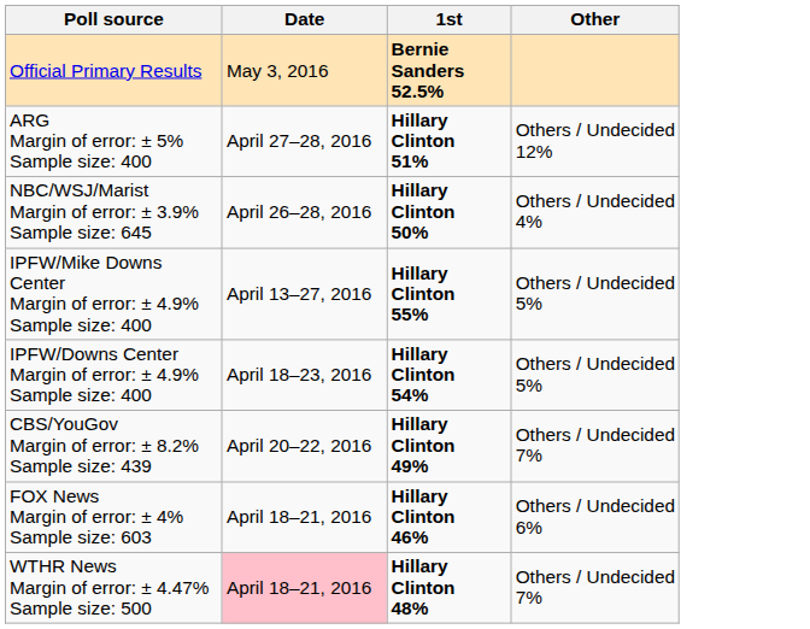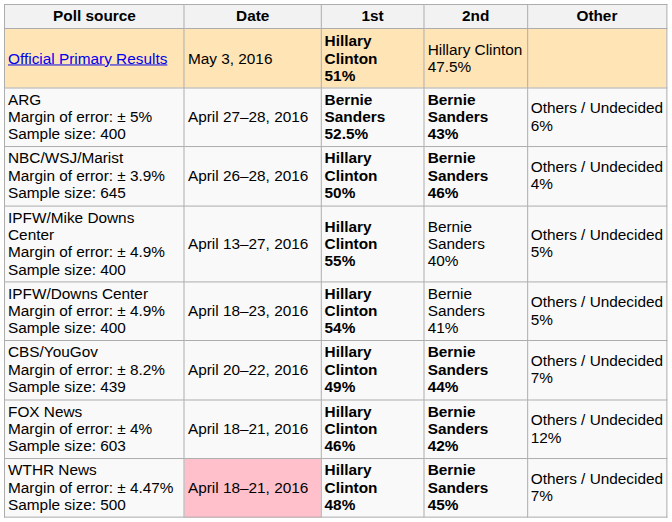 <table class="wikitable">
 <tr>
 <th style="width:180px;">Poll source</th>
 <th style="width:135px;">Date</th>
 <th style="width:100px;">1st</th>
+<th style="width:100px;">2nd</th>
 <th>Other</th>
 </tr>
 <tr style="background:Moccasin;">
 <td><a href='#'>Official Primary Results</a></td>
 <td>May 3, 2016</td>
-<td><strong>Bernie Sanders<br>52.5%</strong></td>
+<td><strong>Hillary Clinton<br>51%</strong></td>
+<td>Hillary Clinton<br>47.5%</td>
 <td></td>
 </tr>
 <tr>
 <td>ARG<br>Margin of error: ± 5% <br>Sample size: 400</td>
 <td>April 27–28, 2016</td>
-<td><strong>Hillary Clinton<br>51%</strong></td>
-<td>Others / Undecided<br>12%</td>
+<td><strong>Bernie Sanders<br>52.5%</strong></td>
+<td><strong>Bernie Sanders<br>43%</strong></td>
+<td>Others / Undecided<br>6%</td>
 </tr>
 <tr>
 <td>NBC/WSJ/Marist<br>Margin of error: ± 3.9% <br>Sample size: 645</td>
 <td>April 26–28, 2016</td>
 <td><strong>Hillary Clinton<br>50%</strong></td>
+<td><strong>Bernie Sanders<br>46%</strong></td>
 <td>Others / Undecided<br>4%</td>
 </tr>
 <tr>
 <td>IPFW/Mike Downs Center<br>Margin of error: ± 4.9% <br>Sample size: 400</td>
 <td>April 13–27, 2016</td>
 <td><strong>Hillary Clinton<br>55%</strong></td>
+<td>Bernie Sanders<br>40%</td>
 <td>Others / Undecided<br>5%</td>
 </tr>
 <tr>
 <td>IPFW/Downs Center<br>Margin of error: ± 4.9% <br>Sample size: 400</td>
 <td>April 18–23, 2016</td>
 <td><strong>Hillary Clinton<br>54%</strong></td>
+<td>Bernie Sanders<br>41%</td>
 <td>Others / Undecided<br>5%</td>
 </tr>
 <tr>
 <td>CBS/YouGov<br>Margin of error: ± 8.2% <br>Sample size: 439</td>
 <td>April 20–22, 2016</td>
 <td><strong>Hillary Clinton<br>49%</strong></td>
+<td><strong>Bernie Sanders<br>44%</strong></td>
 <td>Others / Undecided<br>7%</td>
 </tr>
 <tr>
 <td>FOX News<br>Margin of error: ± 4% <br>Sample size: 603</td>
 <td>April 18–21, 2016</td>
 <td><strong>Hillary Clinton<br>46%</strong></td>
-<td>Others / Undecided<br>6%</td>
+<td><strong>Bernie Sanders<br>42%</strong></td>
+<td>Others / Undecided<br>12%</td>
 </tr>
 <tr>
 <td>WTHR News<br>Margin of error: ± 4.47% <br>Sample size: 500</td>
 <td style="background: pink;">April 18–21, 2016</td>
 <td><strong>Hillary Clinton<br>48%</strong></td>
+<td><strong>Bernie Sanders<br>45%</strong></td>
 <td>Others / Undecided<br>7%</td>
 </tr>
 </table>
